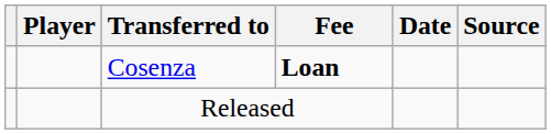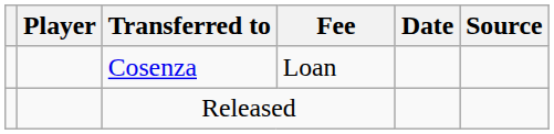 <table class="wikitable plainrowheaders sortable">
 <tr>
 <th></th>
 <th scope="col">Player</th>
 <th>Transferred to</th>
 <th style="width: 65px;">Fee</th>
 <th scope="col">Date</th>
 <th scope="col">Source</th>
 </tr>
 <tr>
 <td align="center"></td>
 <td></td>
 <td> <a href='#'>Cosenza</a></td>
-<td><strong>Loan</strong></td>
+<td>Loan</td>
 <td></td>
 <td></td>
 </tr>
 <tr>
 <td align="center"></td>
 <td></td>
 <td colspan="2" style="text-align: center;">Released</td>
 <td></td>
 <td></td>
 </tr>
 </table>
